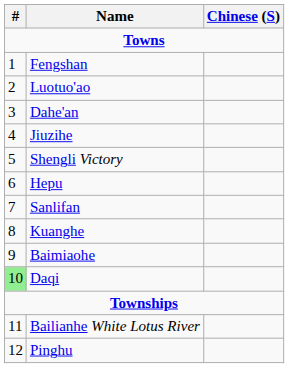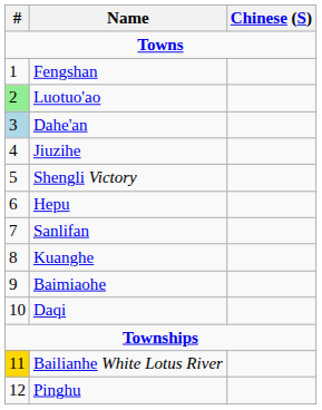 <table class="wikitable sortable">
 <tr>
 <th>#</th>
 <th>Name</th>
 <th><a href='#'>Chinese</a> (<a href='#'>S</a>)</th>
 </tr>
 <tr>
 <td style="text-align:center;" colspan="7"><strong><a href='#'>Towns</a></strong></td>
 </tr>
 <tr>
 <td>1</td>
 <td><a href='#'>Fengshan</a></td>
 <td></td>
 </tr>
 <tr>
-<td>2</td>
+<td style="background: lightgreen;">2</td>
 <td><a href='#'>Luotuo'ao</a></td>
 <td></td>
 </tr>
 <tr>
-<td>3</td>
+<td style="background: lightblue;">3</td>
 <td><a href='#'>Dahe'an</a></td>
 <td></td>
 </tr>
 <tr>
 <td>4</td>
 <td><a href='#'>Jiuzihe</a></td>
 <td></td>
 </tr>
 <tr>
 <td>5</td>
 <td><a href='#'>Shengli</a> <em>Victory</em></td>
 <td></td>
 </tr>
 <tr>
 <td>6</td>
 <td><a href='#'>Hepu</a></td>
 <td></td>
 </tr>
 <tr>
 <td>7</td>
 <td><a href='#'>Sanlifan</a></td>
 <td></td>
 </tr>
 <tr>
 <td>8</td>
 <td><a href='#'>Kuanghe</a></td>
 <td></td>
 </tr>
 <tr>
 <td>9</td>
 <td><a href='#'>Baimiaohe</a></td>
 <td></td>
 </tr>
 <tr>
-<td style="background: lightgreen;">10</td>
+<td>10</td>
 <td><a href='#'>Daqi</a></td>
 <td></td>
 </tr>
 <tr>
 <td style="text-align:center;" colspan="7"><strong><a href='#'>Townships</a></strong></td>
 </tr>
 <tr>
-<td>11</td>
+<td style="background: gold;">11</td>
 <td><a href='#'>Bailianhe</a> <em>White Lotus River</em></td>
 <td></td>
 </tr>
 <tr>
 <td>12</td>
 <td><a href='#'>Pinghu</a></td>
 <td></td>
 </tr>
 </table>
